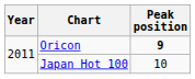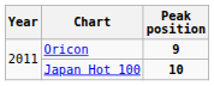 <table class="wikitable">
 <tr>
 <th>Year</th>
 <th>Chart</th>
 <th>Peak<br>position</th>
 </tr>
 <tr>
 <td rowspan="2">2011</td>
 <td><a href='#'>Oricon</a></td>
 <td style="text-align:center"><strong>9</strong></td>
 </tr>
 <tr>
 <td><a href='#'>Japan Hot 100</a></td>
-<td style="text-align:center">10</td>
+<td style="text-align:center"><strong>10</strong></td>
 </tr>
 </table>
